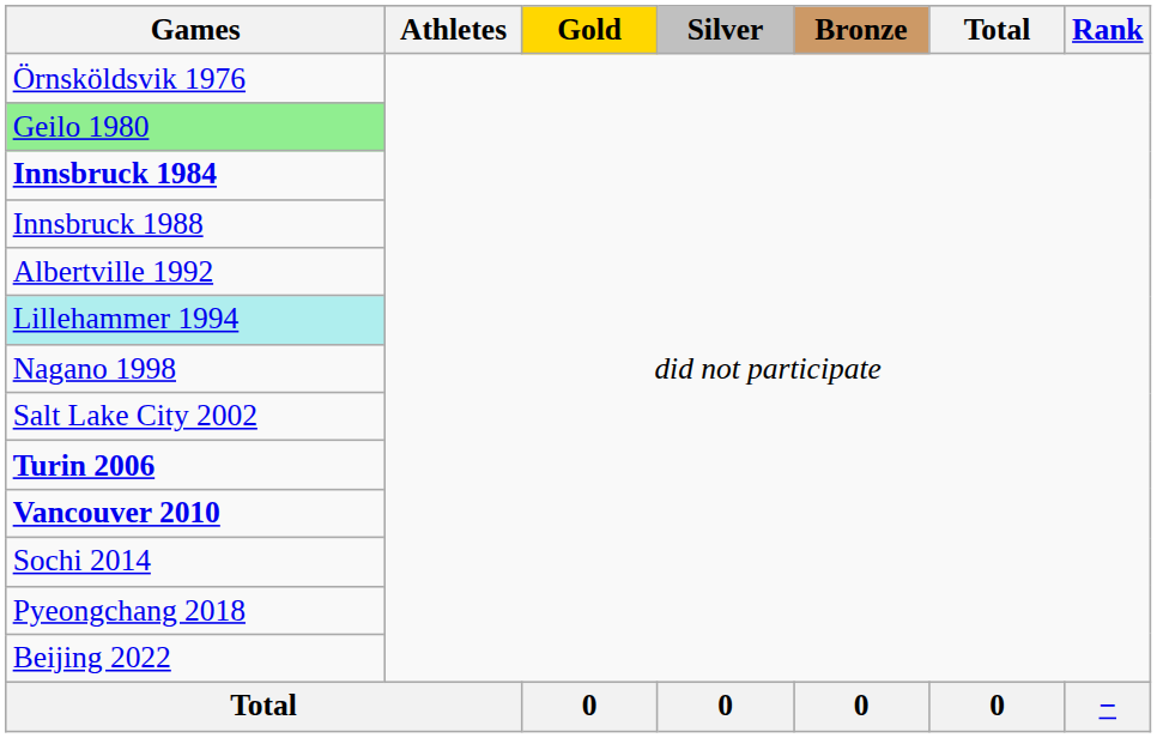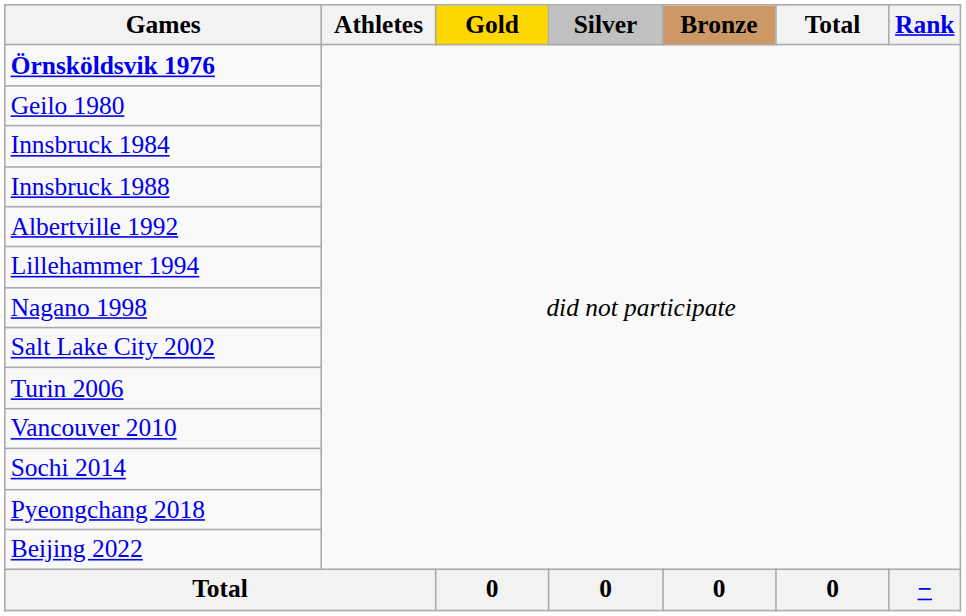 <table class="wikitable" style="text-align:center; font-size:100%">
 <tr>
 <th style="width:12em;">Games</th>
 <th style="width:4em;">Athletes</th>
 <th style="width:4em; background:gold;">Gold</th>
 <th style="width:4em; background:silver;">Silver</th>
 <th style="width:4em; background:#cc9966;">Bronze</th>
 <th style="width:4em;">Total</th>
 <th style="width:2em;"><a href='#'>Rank</a></th>
 </tr>
 <tr>
-<td align=left> <a href='#'>Örnsköldsvik 1976</a></td>
+<td align=left><strong> <a href='#'>Örnsköldsvik 1976</a></strong></td>
 <td colspan=6 rowspan=13><em>did not participate</em></td>
 </tr>
 <tr>
-<td align=left style="background: lightgreen;"> <a href='#'>Geilo 1980</a></td>
+<td align=left> <a href='#'>Geilo 1980</a></td>
 </tr>
 <tr>
-<td align=left><strong> <a href='#'>Innsbruck 1984</a></strong></td>
+<td align=left> <a href='#'>Innsbruck 1984</a></td>
 </tr>
 <tr>
 <td align=left> <a href='#'>Innsbruck 1988</a></td>
 </tr>
 <tr>
 <td align=left> <a href='#'>Albertville 1992</a></td>
 </tr>
 <tr>
-<td align=left style="background: paleturquoise;"> <a href='#'>Lillehammer 1994</a></td>
+<td align=left> <a href='#'>Lillehammer 1994</a></td>
 </tr>
 <tr>
 <td align=left> <a href='#'>Nagano 1998</a></td>
 </tr>
 <tr>
 <td align=left> <a href='#'>Salt Lake City 2002</a></td>
 </tr>
 <tr>
-<td align=left><strong> <a href='#'>Turin 2006</a></strong></td>
+<td align=left> <a href='#'>Turin 2006</a></td>
 </tr>
 <tr>
-<td align=left><strong> <a href='#'>Vancouver 2010</a></strong></td>
+<td align=left> <a href='#'>Vancouver 2010</a></td>
 </tr>
 <tr>
 <td align=left> <a href='#'>Sochi 2014</a></td>
 </tr>
 <tr>
 <td align=left> <a href='#'>Pyeongchang 2018</a></td>
 </tr>
 <tr>
 <td align=left> <a href='#'>Beijing 2022</a></td>
 </tr>
 <tr>
 <th colspan=2>Total</th>
 <th>0</th>
 <th>0</th>
 <th>0</th>
 <th>0</th>
 <th><a href='#'>−</a></th>
 </tr>
 </table>
